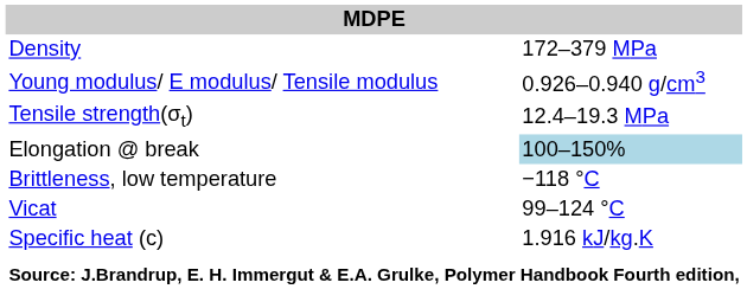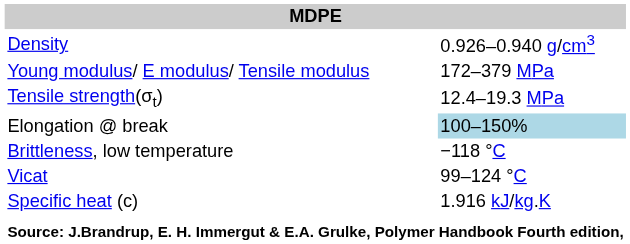 <table border="0" cellpadding="2" cellspacing="0" align="right" style="margin-none:1em" style="margin:10px; border: solid 1px black; width: 400px;">
 <tr>
 <th colspan="2" align=center bgcolor="#cccccc"><strong>MDPE</strong></th>
 </tr>
 <tr>
 <td><a href='#'>Density</a></td>
-<td>172–379 <a href='#'>M</a><a href='#'>Pa</a></td>
+<td>0.926–0.940 <a href='#'>g</a>/<a href='#'>cm<sup>3</sup></a></td>
 </tr>
 <tr>
 <td><a href='#'>Young modulus</a>/ <a href='#'>E modulus</a>/ <a href='#'>Tensile modulus</a></td>
-<td>0.926–0.940 <a href='#'>g</a>/<a href='#'>cm<sup>3</sup></a></td>
+<td>172–379 <a href='#'>M</a><a href='#'>Pa</a></td>
 </tr>
 <tr>
 <td><a href='#'>Tensile strength</a>(σ<sub>t</sub>)</td>
 <td>12.4–19.3 <a href='#'>M</a><a href='#'>Pa</a></td>
 </tr>
 <tr>
 <td>Elongation @ break</td>
 <td style="background: lightblue;">100–150%</td>
 </tr>
 <tr>
 <td><a href='#'>Brittleness</a>, low temperature</td>
 <td>−118 °<a href='#'>C</a></td>
 </tr>
 <tr>
 <td><a href='#'>Vicat</a></td>
 <td>99–124 °<a href='#'>C</a></td>
 </tr>
 <tr>
 <td><a href='#'>Specific heat</a> (c)</td>
 <td>1.916 <a href='#'>k</a><a href='#'>J</a>/<a href='#'>kg</a>.<a href='#'>K</a></td>
 </tr>
 <tr>
 <td></td>
 </tr>
 <tr>
 <th colspan="2" align=left><small>Source: J.Brandrup, E. H. Immergut & E.A. Grulke, Polymer Handbook Fourth edition, </small></th>
 </tr>
 </table>
